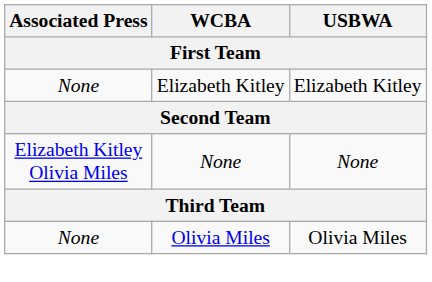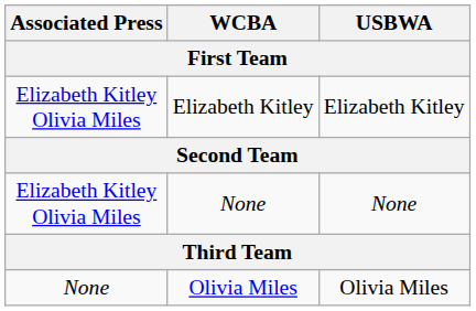 <table class="wikitable" style="font-size: 95%; text-align:center;">
 <tr>
 <th>Associated Press</th>
 <th>WCBA</th>
 <th>USBWA</th>
 </tr>
 <tr>
 <th colspan=4>First Team</th>
 </tr>
 <tr>
-<td><em>None</em></td>
+<td><a href='#'>Elizabeth Kitley</a><br><a href='#'>Olivia Miles</a></td>
 <td>Elizabeth Kitley</td>
 <td>Elizabeth Kitley</td>
 </tr>
 <tr>
 <th colspan=4>Second Team</th>
 </tr>
 <tr>
 <td><a href='#'>Elizabeth Kitley</a><br><a href='#'>Olivia Miles</a></td>
 <td><em>None</em></td>
 <td><em>None</em></td>
 </tr>
 <tr>
 <th colspan=4>Third Team</th>
 </tr>
 <tr>
 <td><em>None</em></td>
 <td><a href='#'>Olivia Miles</a></td>
 <td>Olivia Miles</td>
 </tr>
 </table>
